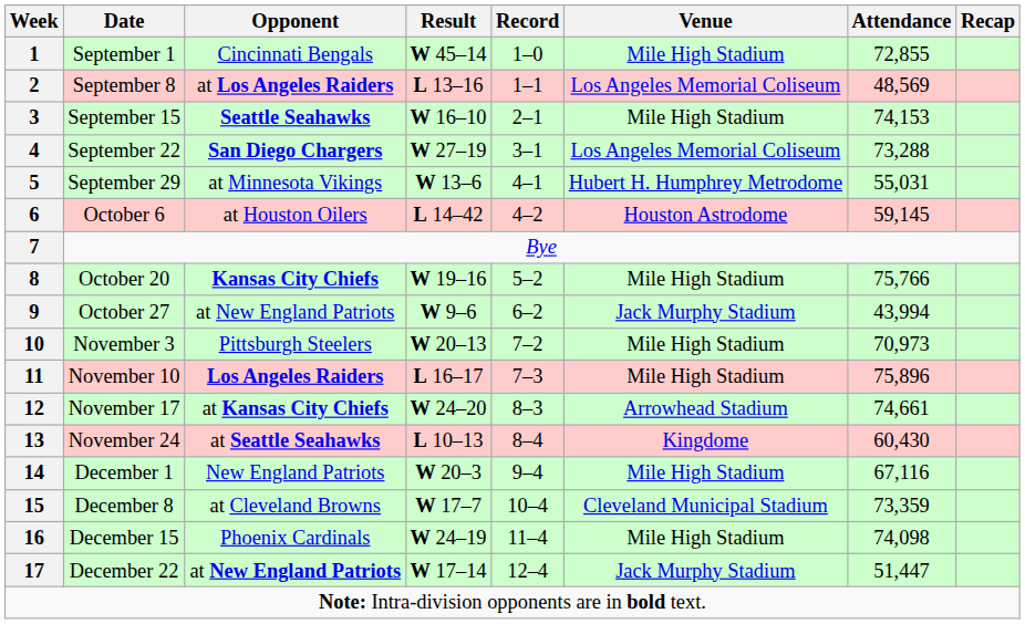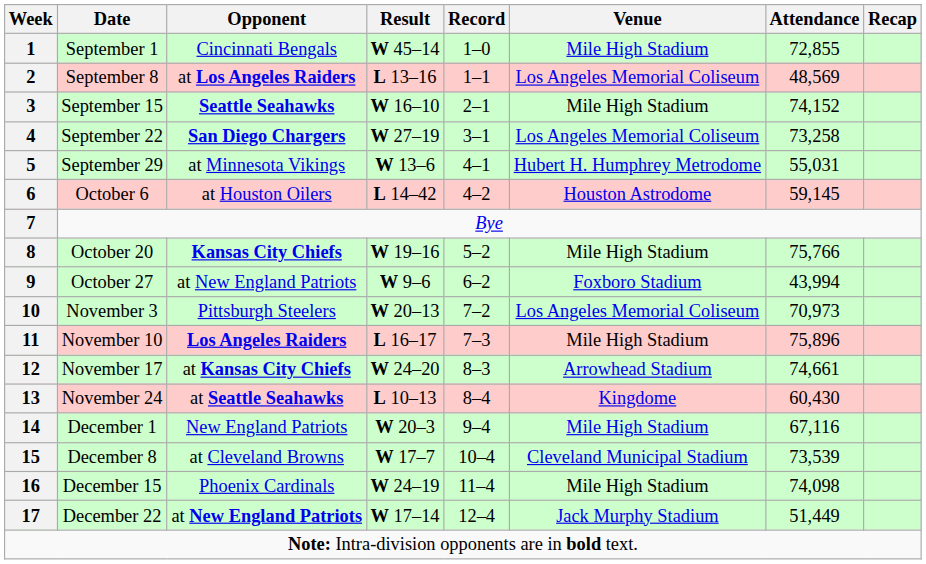 <table class="wikitable" style="text-align:center">
 <tr>
 <th>Week</th>
 <th>Date</th>
 <th>Opponent</th>
 <th>Result</th>
 <th>Record</th>
 <th>Venue</th>
 <th>Attendance</th>
 <th>Recap</th>
 </tr>
 <tr style="background:#cfc">
 <th>1</th>
 <td>September 1</td>
 <td><a href='#'>Cincinnati Bengals</a></td>
 <td><strong>W</strong> 45–14</td>
 <td>1–0</td>
 <td><a href='#'>Mile High Stadium</a></td>
 <td>72,855</td>
 <td></td>
 </tr>
 <tr style="background:#fcc">
 <th>2</th>
 <td>September 8</td>
 <td>at <strong><a href='#'>Los Angeles Raiders</a></strong></td>
 <td><strong>L</strong> 13–16</td>
 <td>1–1</td>
 <td><a href='#'>Los Angeles Memorial Coliseum</a></td>
 <td>48,569</td>
 <td></td>
 </tr>
 <tr style="background:#cfc">
 <th>3</th>
 <td>September 15</td>
 <td><strong><a href='#'>Seattle Seahawks</a></strong></td>
 <td><strong>W</strong> 16–10</td>
 <td>2–1</td>
 <td>Mile High Stadium</td>
-<td>74,153</td>
+<td>74,152</td>
 <td></td>
 </tr>
 <tr style="background:#cfc">
 <th>4</th>
 <td>September 22</td>
 <td><strong><a href='#'>San Diego Chargers</a></strong></td>
 <td><strong>W</strong> 27–19</td>
 <td>3–1</td>
 <td><a href='#'>Los Angeles Memorial Coliseum</a></td>
-<td>73,288</td>
+<td>73,258</td>
 <td></td>
 </tr>
 <tr style="background:#cfc">
 <th>5</th>
 <td>September 29</td>
 <td>at <a href='#'>Minnesota Vikings</a></td>
 <td><strong>W</strong> 13–6</td>
 <td>4–1</td>
 <td><a href='#'>Hubert H. Humphrey Metrodome</a></td>
 <td>55,031</td>
 <td></td>
 </tr>
 <tr style="background:#fcc">
 <th>6</th>
 <td>October 6</td>
 <td>at <a href='#'>Houston Oilers</a></td>
 <td><strong>L</strong> 14–42</td>
 <td>4–2</td>
 <td><a href='#'>Houston Astrodome</a></td>
 <td>59,145</td>
 <td></td>
 </tr>
 <tr>
 <th>7</th>
 <td colspan=7><em><a href='#'>Bye</a></em></td>
 </tr>
 <tr style="background:#cfc">
 <th>8</th>
 <td>October 20</td>
 <td><strong><a href='#'>Kansas City Chiefs</a></strong></td>
 <td><strong>W</strong> 19–16</td>
 <td>5–2</td>
 <td>Mile High Stadium</td>
 <td>75,766</td>
 <td></td>
 </tr>
 <tr style="background:#cfc">
 <th>9</th>
 <td>October 27</td>
 <td>at <a href='#'>New England Patriots</a></td>
 <td><strong>W</strong> 9–6</td>
 <td>6–2</td>
-<td><a href='#'>Jack Murphy Stadium</a></td>
+<td><a href='#'>Foxboro Stadium</a></td>
 <td>43,994</td>
 <td></td>
 </tr>
 <tr style="background:#cfc">
 <th>10</th>
 <td>November 3</td>
 <td><a href='#'>Pittsburgh Steelers</a></td>
 <td><strong>W</strong> 20–13</td>
 <td>7–2</td>
-<td>Mile High Stadium</td>
+<td><a href='#'>Los Angeles Memorial Coliseum</a></td>
 <td>70,973</td>
 <td></td>
 </tr>
 <tr style="background:#fcc">
 <th>11</th>
 <td>November 10</td>
 <td><strong><a href='#'>Los Angeles Raiders</a></strong></td>
 <td><strong>L</strong> 16–17</td>
 <td>7–3</td>
 <td>Mile High Stadium</td>
 <td>75,896</td>
 <td></td>
 </tr>
 <tr style="background:#cfc">
 <th>12</th>
 <td>November 17</td>
 <td>at <strong><a href='#'>Kansas City Chiefs</a></strong></td>
 <td><strong>W</strong> 24–20</td>
 <td>8–3</td>
 <td><a href='#'>Arrowhead Stadium</a></td>
 <td>74,661</td>
 <td></td>
 </tr>
 <tr style="background:#fcc">
 <th>13</th>
 <td>November 24</td>
 <td>at <strong><a href='#'>Seattle Seahawks</a></strong></td>
 <td><strong>L</strong> 10–13</td>
 <td>8–4</td>
 <td><a href='#'>Kingdome</a></td>
 <td>60,430</td>
 <td></td>
 </tr>
 <tr style="background:#cfc">
 <th>14</th>
 <td>December 1</td>
 <td><a href='#'>New England Patriots</a></td>
 <td><strong>W</strong> 20–3</td>
 <td>9–4</td>
 <td><a href='#'>Mile High Stadium</a></td>
 <td>67,116</td>
 <td></td>
 </tr>
 <tr style="background:#cfc">
 <th>15</th>
 <td>December 8</td>
 <td>at <a href='#'>Cleveland Browns</a></td>
 <td><strong>W</strong> 17–7</td>
 <td>10–4</td>
 <td><a href='#'>Cleveland Municipal Stadium</a></td>
-<td>73,359</td>
+<td>73,539</td>
 <td></td>
 </tr>
 <tr style="background:#cfc">
 <th>16</th>
 <td>December 15</td>
 <td><a href='#'>Phoenix Cardinals</a></td>
 <td><strong>W</strong> 24–19</td>
 <td>11–4</td>
 <td>Mile High Stadium</td>
 <td>74,098</td>
 <td></td>
 </tr>
 <tr style="background:#cfc">
 <th>17</th>
 <td>December 22</td>
 <td>at <strong><a href='#'>New England Patriots</a></strong></td>
 <td><strong>W</strong> 17–14</td>
 <td>12–4</td>
 <td><a href='#'>Jack Murphy Stadium</a></td>
-<td>51,447</td>
+<td>51,449</td>
 <td></td>
 </tr>
 <tr>
 <td colspan="8"><strong>Note:</strong> Intra-division opponents are in <strong>bold</strong> text.</td>
 </tr>
 </table>
